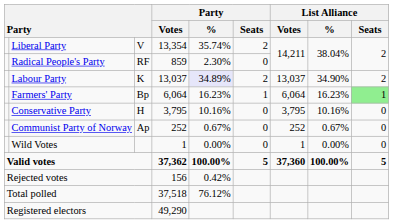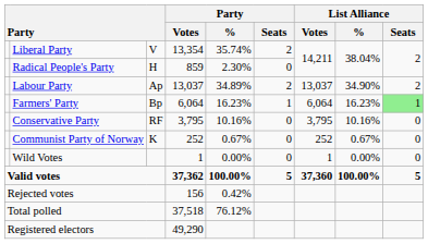 <table class="wikitable" border="1" style="text-align:right;">
 <tr>
 <th style="text-align:left;" valign=bottom rowspan=2 colspan=3>Party</th>
 <th colspan=3>Party</th>
 <th colspan=3>List Alliance</th>
 </tr>
 <tr>
 <th align=center valign=bottom width="50">Votes</th>
 <th align=center valign=bottom width="50">%</th>
 <th align=center valign=bottom width="50">Seats</th>
 <th align=center valign=bottom width="50">Votes</th>
 <th align=center valign=bottom width="50">%</th>
 <th align=center valign=bottom width="50">Seats</th>
 </tr>
 <tr>
 <td style="color:inherit;background:"></td>
 <td align=left><a href='#'>Liberal Party</a></td>
 <td align=left>V</td>
 <td>13,354</td>
 <td>35.74%</td>
 <td>2</td>
 <td rowspan=2>14,211</td>
 <td rowspan=2>38.04%</td>
 <td rowspan=2>2</td>
 </tr>
 <tr>
 <td></td>
 <td align=left><a href='#'>Radical People's Party</a></td>
-<td align=left>RF</td>
+<td align=left>H</td>
 <td>859</td>
 <td>2.30%</td>
 <td>0</td>
 </tr>
 <tr>
 <td style="color:inherit;background:"></td>
 <td align=left><a href='#'>Labour Party</a></td>
-<td align=left>K</td>
+<td align=left>Ap</td>
 <td>13,037</td>
-<td style="background: lavender;">34.89%</td>
+<td>34.89%</td>
 <td>2</td>
 <td>13,037</td>
 <td>34.90%</td>
 <td>2</td>
 </tr>
 <tr>
 <td style="color:inherit;background:"></td>
 <td align=left><a href='#'>Farmers' Party</a></td>
 <td align=left>Bp</td>
 <td>6,064</td>
 <td>16.23%</td>
 <td>1</td>
 <td>6,064</td>
 <td>16.23%</td>
 <td style="background: lightgreen;">1</td>
 </tr>
 <tr>
 <td style="color:inherit;background:"></td>
 <td align=left><a href='#'>Conservative Party</a></td>
-<td align=left>H</td>
+<td align=left>RF</td>
 <td>3,795</td>
 <td>10.16%</td>
 <td>0</td>
 <td>3,795</td>
 <td>10.16%</td>
 <td>0</td>
 </tr>
 <tr>
 <td style="color:inherit;background:"></td>
 <td align=left><a href='#'>Communist Party of Norway</a></td>
-<td align=left>Ap</td>
+<td align=left>K</td>
 <td>252</td>
 <td>0.67%</td>
 <td>0</td>
 <td>252</td>
 <td>0.67%</td>
 <td>0</td>
 </tr>
 <tr>
 <td></td>
 <td align=left>Wild Votes</td>
 <td align=left></td>
 <td>1</td>
 <td>0.00%</td>
 <td>0</td>
 <td>1</td>
 <td>0.00%</td>
 <td>0</td>
 </tr>
 <tr style="font-weight:bold">
 <td align=left colspan=3>Valid votes</td>
 <td>37,362</td>
 <td>100.00%</td>
 <td>5</td>
 <td>37,360</td>
 <td>100.00%</td>
 <td>5</td>
 </tr>
 <tr>
 <td align=left colspan=3>Rejected votes</td>
 <td>156</td>
 <td>0.42%</td>
 <td></td>
 <td></td>
 <td></td>
 <td></td>
 </tr>
 <tr>
 <td align=left colspan=3>Total polled</td>
 <td>37,518</td>
 <td>76.12%</td>
 <td></td>
 <td></td>
 <td></td>
 <td></td>
 </tr>
 <tr>
 <td align=left colspan=3>Registered electors</td>
 <td>49,290</td>
 <td></td>
 <td></td>
 <td></td>
 <td></td>
 <td></td>
 </tr>
 </table>
